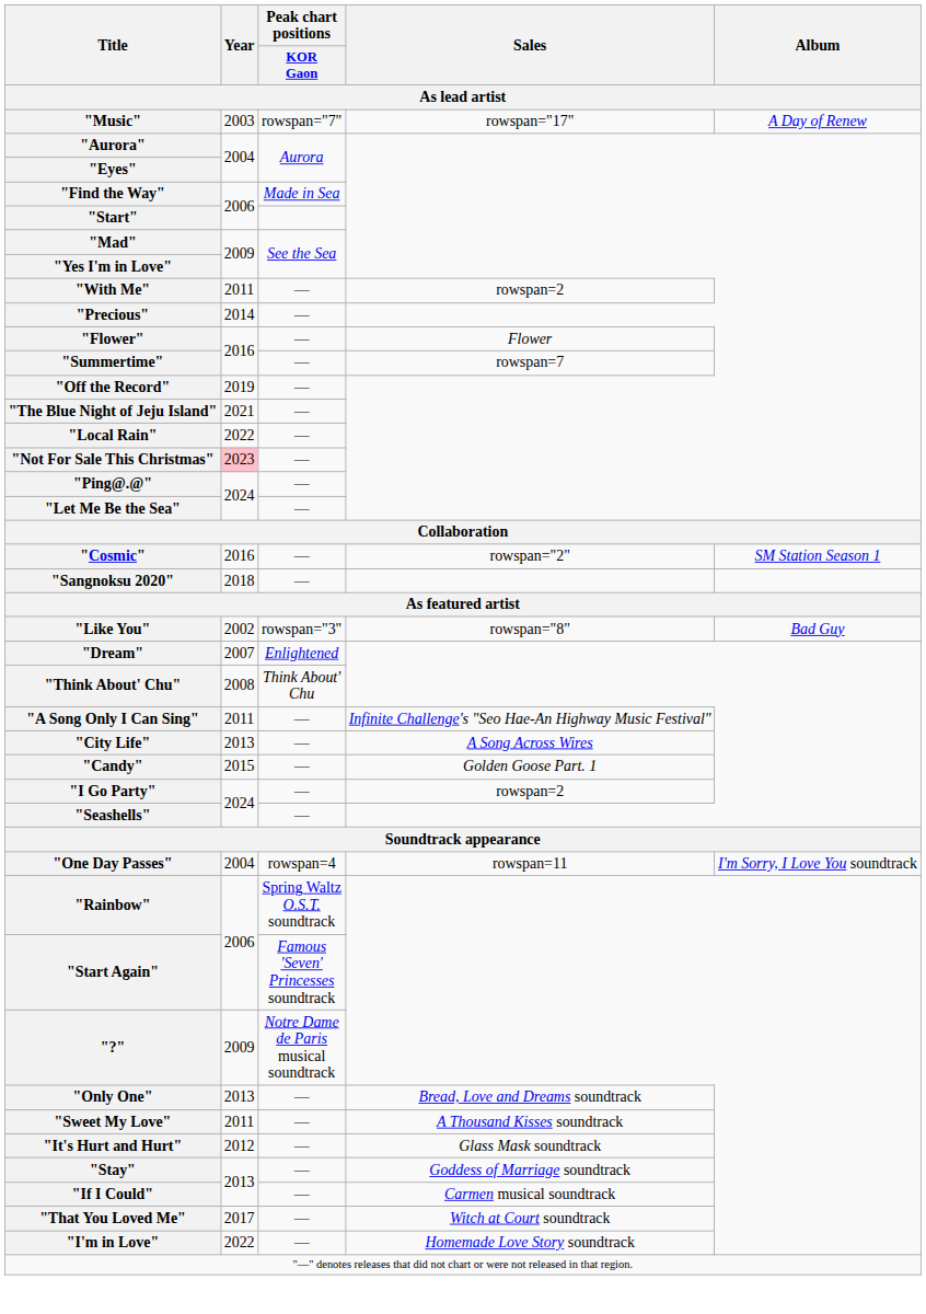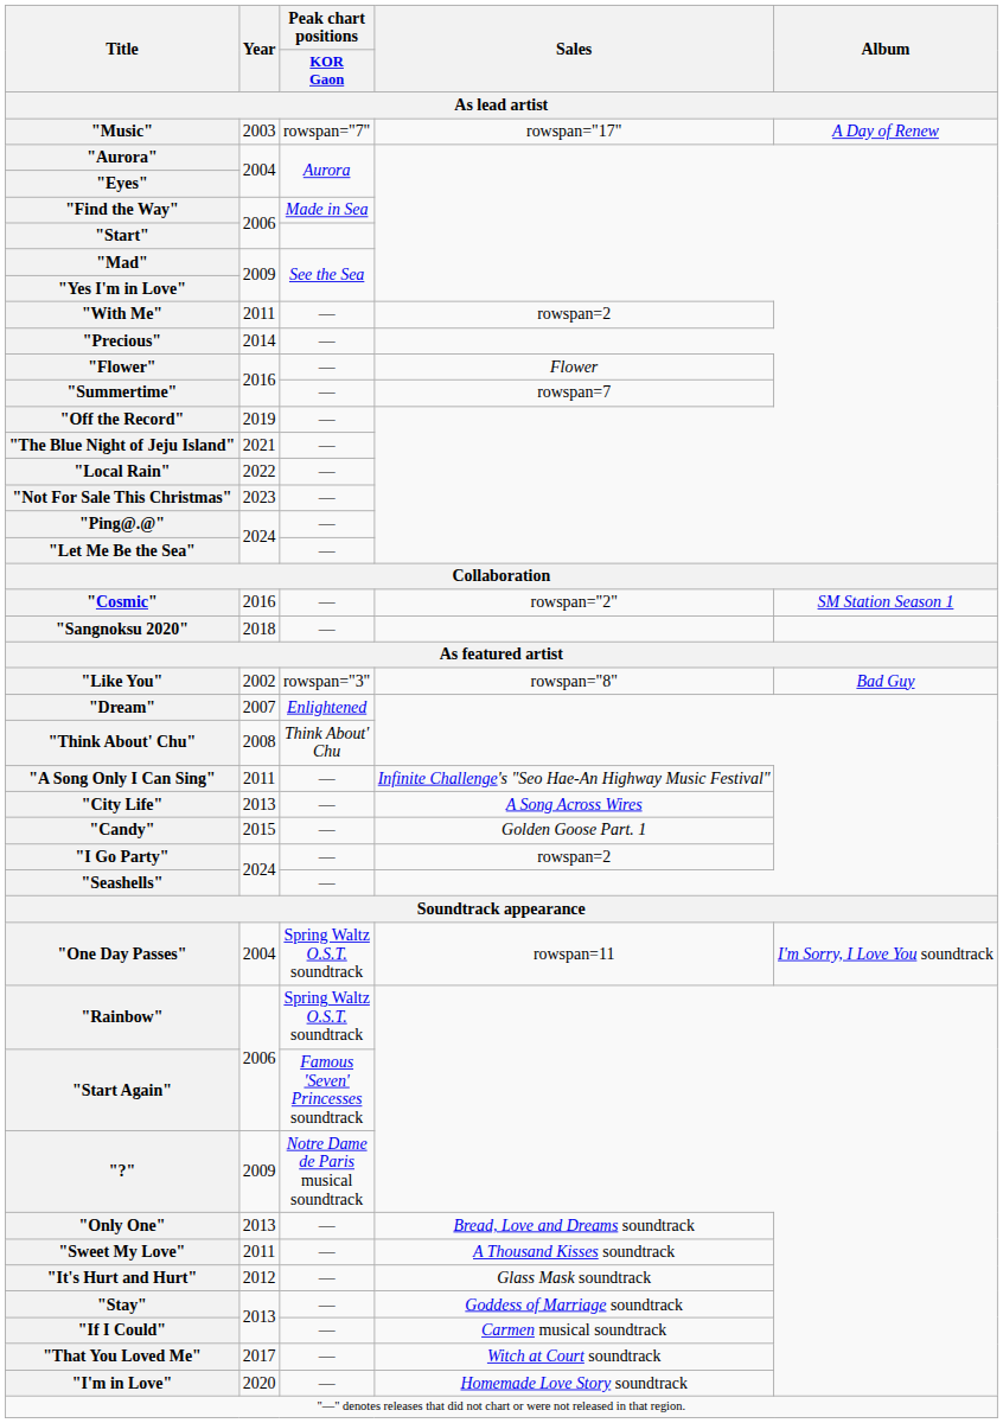 <table class="wikitable plainrowheaders" style="text-align:center;">
 <tr>
 <th scope="col" rowspan="2">Title</th>
 <th scope="col" rowspan="2">Year</th>
 <th scope="col" colspan="1">Peak chart<br>positions</th>
 <th scope="col" rowspan="2">Sales</th>
 <th scope="col" rowspan="2">Album</th>
 </tr>
 <tr>
 <th scope="col" style="width:3em;font-size:90%;"><a href='#'>KOR<br>Gaon</a></th>
 </tr>
 <tr>
 <th colspan="6">As lead artist</th>
 </tr>
 <tr>
 <th scope="row">"Music"</th>
 <td>2003</td>
 <td>rowspan="7" </td>
 <td>rowspan="17" </td>
 <td><em><a href='#'>A Day of Renew</a></em></td>
 </tr>
 <tr>
 <th scope="row">"Aurora"</th>
 <td rowspan=2>2004</td>
 <td rowspan=2><em><a href='#'>Aurora</a></em></td>
 </tr>
 <tr>
 <th scope="row">"Eyes"</th>
 </tr>
 <tr>
 <th scope="row">"Find the Way"</th>
 <td rowspan="2">2006</td>
 <td><em><a href='#'>Made in Sea</a></em></td>
 </tr>
 <tr>
 <th scope="row">"Start"</th>
 <td></td>
 </tr>
 <tr>
 <th scope="row">"Mad"</th>
 <td rowspan="2">2009</td>
 <td rowspan="2"><em><a href='#'>See the Sea</a></em></td>
 </tr>
 <tr>
 <th scope="row">"Yes I'm in Love"</th>
 </tr>
 <tr>
 <th scope="row">"With Me"</th>
 <td>2011</td>
 <td>—</td>
 <td>rowspan=2 </td>
 </tr>
 <tr>
 <th scope="row">"Precious"</th>
 <td>2014</td>
 <td>—</td>
 </tr>
 <tr>
 <th scope="row">"Flower"</th>
 <td rowspan=2>2016</td>
 <td>—</td>
 <td><em>Flower</em></td>
 </tr>
 <tr>
 <th scope="row">"Summertime"</th>
 <td>—</td>
 <td>rowspan=7 </td>
 </tr>
 <tr>
 <th scope="row">"Off the Record"</th>
 <td>2019</td>
 <td>—</td>
 </tr>
 <tr>
 <th scope="row">"The Blue Night of Jeju Island" </th>
 <td>2021</td>
 <td>—</td>
 </tr>
 <tr>
 <th scope="row">"Local Rain" </th>
 <td>2022</td>
 <td>—</td>
 </tr>
 <tr>
 <th scope="row">"Not For Sale This Christmas"</th>
-<td style="background: pink;">2023</td>
+<td>2023</td>
 <td>—</td>
 </tr>
 <tr>
 <th scope="row">"Ping@.@"</th>
 <td rowspan=2>2024</td>
 <td>—</td>
 </tr>
 <tr>
 <th scope="row">"Let Me Be the Sea"</th>
 <td>—</td>
 </tr>
 <tr>
 <th colspan="6">Collaboration</th>
 </tr>
 <tr>
 <th scope="row">"<a href='#'>Cosmic</a>"<br></th>
 <td>2016</td>
 <td>—</td>
 <td>rowspan="2" </td>
 <td><em><a href='#'>SM Station Season 1</a></em></td>
 </tr>
 <tr>
 <th scope="row">"Sangnoksu 2020"  <br></th>
 <td>2018</td>
 <td>—</td>
 <td></td>
 </tr>
 <tr>
 <th colspan="6">As featured artist</th>
 </tr>
 <tr>
 <th scope="row">"Like You"<br></th>
 <td>2002</td>
 <td>rowspan="3" </td>
 <td>rowspan="8" </td>
 <td><em><a href='#'>Bad Guy</a></em></td>
 </tr>
 <tr>
 <th scope="row">"Dream"<br></th>
 <td>2007</td>
 <td><em><a href='#'>Enlightened</a></em></td>
 </tr>
 <tr>
 <th scope="row">"Think About' Chu"<br></th>
 <td>2008</td>
 <td><em>Think About' Chu</em></td>
 </tr>
 <tr>
 <th scope="row">"A Song Only I Can Sing"<br></th>
 <td>2011</td>
 <td>—</td>
 <td><em><a href='#'>Infinite Challenge</a>'s "Seo Hae-An Highway Music Festival"</em></td>
 </tr>
 <tr>
 <th scope="row">"City Life"<br></th>
 <td>2013</td>
 <td>—</td>
 <td><em><a href='#'>A Song Across Wires</a></em></td>
 </tr>
 <tr>
 <th scope="row">"Candy"<br></th>
 <td>2015</td>
 <td>—</td>
 <td><em>Golden Goose Part. 1</em></td>
 </tr>
 <tr>
 <th scope="row">"I Go Party"<br></th>
 <td rowspan=2>2024</td>
 <td>—</td>
 <td>rowspan=2 </td>
 </tr>
 <tr>
 <th scope="row">"Seashells"<br></th>
 <td>—</td>
 </tr>
 <tr>
 <th colspan="6">Soundtrack appearance</th>
 </tr>
 <tr>
 <th scope="row">"One Day Passes"</th>
 <td>2004</td>
-<td>rowspan=4 </td>
+<td><em><a href='#'></em>Spring Waltz<em> O.S.T.</a></em> soundtrack</td>
 <td>rowspan=11 </td>
 <td><em><a href='#'>I'm Sorry, I Love You</a></em> soundtrack</td>
 </tr>
 <tr>
 <th scope="row">"Rainbow"</th>
 <td rowspan=2>2006</td>
 <td><em><a href='#'></em>Spring Waltz<em> O.S.T.</a></em> soundtrack</td>
 </tr>
 <tr>
 <th scope="row">"Start Again"</th>
 <td><em><a href='#'>Famous 'Seven' Princesses</a></em> soundtrack</td>
 </tr>
 <tr>
 <th scope="row">"?"</th>
 <td>2009</td>
 <td><em><a href='#'>Notre Dame de Paris</a></em> musical soundtrack</td>
 </tr>
 <tr>
 <th scope="row">"Only One"</th>
 <td>2013</td>
 <td>—</td>
 <td><em><a href='#'>Bread, Love and Dreams</a></em> soundtrack</td>
 </tr>
 <tr>
 <th scope="row">"Sweet My Love"</th>
 <td>2011</td>
 <td>—</td>
 <td><em><a href='#'>A Thousand Kisses</a></em> soundtrack</td>
 </tr>
 <tr>
 <th scope="row">"It's Hurt and Hurt"</th>
 <td>2012</td>
 <td>—</td>
 <td><em>Glass Mask</em> soundtrack</td>
 </tr>
 <tr>
 <th scope="row">"Stay"</th>
 <td rowspan=2>2013</td>
 <td>—</td>
 <td><em><a href='#'>Goddess of Marriage</a></em> soundtrack</td>
 </tr>
 <tr>
 <th scope="row">"If I Could"</th>
 <td>—</td>
 <td><em><a href='#'>Carmen</a></em> musical soundtrack</td>
 </tr>
 <tr>
 <th scope="row">"That You Loved Me" </th>
 <td>2017</td>
 <td>—</td>
 <td><em><a href='#'>Witch at Court</a></em> soundtrack</td>
 </tr>
 <tr>
 <th scope="row">"I'm in Love" </th>
-<td>2022</td>
+<td>2020</td>
 <td>—</td>
 <td><em><a href='#'>Homemade Love Story</a></em> soundtrack</td>
 </tr>
 <tr>
 <td colspan="6" style="text-align:center; font-size:9pt;">"—" denotes releases that did not chart or were not released in that region.</td>
 </tr>
 </table>
